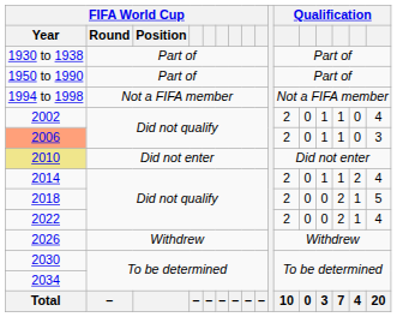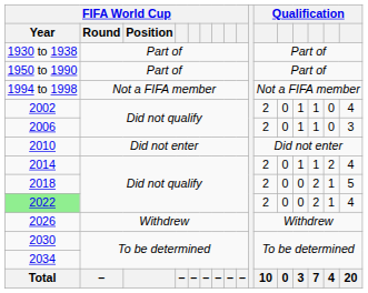 <table class="wikitable" style="text-align: center;">
 <tr>
 <th colspan=9><a href='#'>FIFA World Cup</a></th>
 <th rowspan=39></th>
 <th colspan=6><a href='#'>Qualification</a></th>
 </tr>
 <tr>
 <th>Year</th>
 <th>Round</th>
 <th>Position</th>
 <th></th>
 <th></th>
 <th></th>
 <th></th>
 <th></th>
 <th></th>
 <th></th>
 <th></th>
 <th></th>
 <th></th>
 <th></th>
 <th></th>
 </tr>
 <tr>
 <td><a href='#'>1930</a> to <a href='#'>1938</a></td>
 <td colspan=8><em>Part of </em></td>
 <td colspan=6><em>Part of </em></td>
 </tr>
 <tr>
 <td><a href='#'>1950</a> to <a href='#'>1990</a></td>
 <td colspan=8><em>Part of </em></td>
 <td colspan=6><em>Part of </em></td>
 </tr>
 <tr>
 <td><a href='#'>1994</a> to <a href='#'>1998</a></td>
 <td colspan=8><em>Not a FIFA member</em></td>
 <td colspan=6><em>Not a FIFA member</em></td>
 </tr>
 <tr>
 <td>  <a href='#'>2002</a></td>
 <td rowspan=2 colspan=8><em>Did not qualify</em></td>
 <td>2</td>
 <td>0</td>
 <td>1</td>
 <td>1</td>
 <td>0</td>
 <td>4</td>
 </tr>
 <tr>
-<td style="background: lightsalmon;"> <a href='#'>2006</a></td>
+<td> <a href='#'>2006</a></td>
 <td>2</td>
 <td>0</td>
 <td>1</td>
 <td>1</td>
 <td>0</td>
 <td>3</td>
 </tr>
 <tr>
-<td style="background: khaki;"> <a href='#'>2010</a></td>
+<td> <a href='#'>2010</a></td>
 <td colspan=8><em>Did not enter</em></td>
 <td colspan=6><em>Did not enter</em></td>
 </tr>
 <tr>
 <td> <a href='#'>2014</a></td>
 <td rowspan=3 colspan=8><em>Did not qualify</em></td>
 <td>2</td>
 <td>0</td>
 <td>1</td>
 <td>1</td>
 <td>2</td>
 <td>4</td>
 </tr>
 <tr>
 <td> <a href='#'>2018</a></td>
 <td>2</td>
 <td>0</td>
 <td>0</td>
 <td>2</td>
 <td>1</td>
 <td>5</td>
 </tr>
 <tr>
-<td> <a href='#'>2022</a></td>
+<td style="background: lightgreen;"> <a href='#'>2022</a></td>
 <td>2</td>
 <td>0</td>
 <td>0</td>
 <td>2</td>
 <td>1</td>
 <td>4</td>
 </tr>
 <tr>
 <td>   <a href='#'>2026</a></td>
 <td colspan=8><em>Withdrew</em></td>
 <td colspan=6><em>Withdrew</em></td>
 </tr>
 <tr>
 <td>   <a href='#'>2030</a></td>
 <td rowspan=2 colspan=8><em>To be determined</em></td>
 <td rowspan=2 colspan=6><em>To be determined</em></td>
 </tr>
 <tr>
 <td> <a href='#'>2034</a></td>
 </tr>
 <tr>
 <th>Total</th>
 <th>–</th>
 <th></th>
 <th>–</th>
 <th>–</th>
 <th>–</th>
 <th>–</th>
 <th>–</th>
 <th>–</th>
 <th>10</th>
 <th>0</th>
 <th>3</th>
 <th>7</th>
 <th>4</th>
 <th>20</th>
 </tr>
 </table>
